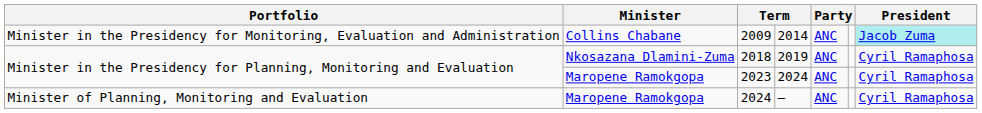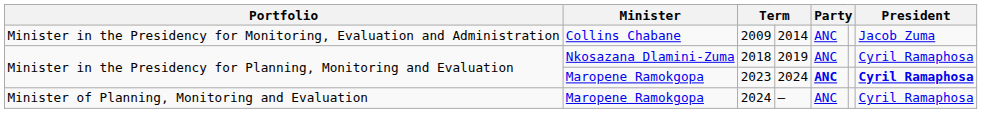 <table class="wikitable">
 <tr>
 <th>Portfolio</th>
 <th>Minister</th>
 <th colspan="2">Term</th>
 <th colspan="2">Party</th>
 <th>President</th>
 </tr>
 <tr>
 <td>Minister in the Presidency for Monitoring, Evaluation and Administration</td>
 <td><a href='#'>Collins Chabane</a></td>
 <td>2009</td>
 <td>2014</td>
 <td><a href='#'>ANC</a></td>
 <td style="background-color: "></td>
-<td style="background: paleturquoise;"><a href='#'>Jacob Zuma</a></td>
+<td><a href='#'>Jacob Zuma</a></td>
 </tr>
 <tr>
 <td rowspan="2">Minister in the Presidency for Planning, Monitoring and Evaluation</td>
 <td><a href='#'>Nkosazana Dlamini-Zuma</a></td>
 <td>2018</td>
 <td>2019</td>
 <td><a href='#'>ANC</a></td>
 <td style="background-color: "></td>
 <td><a href='#'>Cyril Ramaphosa</a></td>
 </tr>
 <tr>
 <td><a href='#'>Maropene Ramokgopa</a></td>
 <td>2023</td>
 <td>2024</td>
-<td><a href='#'>ANC</a></td>
+<td><strong><a href='#'>ANC</a></strong></td>
 <td style="background-color: "></td>
-<td><a href='#'>Cyril Ramaphosa</a></td>
+<td><strong><a href='#'>Cyril Ramaphosa</a></strong></td>
 </tr>
 <tr>
 <td>Minister of Planning, Monitoring and Evaluation</td>
 <td><a href='#'>Maropene Ramokgopa</a></td>
 <td>2024</td>
 <td>–</td>
 <td><a href='#'>ANC</a></td>
 <td style="background-color: "></td>
 <td><a href='#'>Cyril Ramaphosa</a></td>
 </tr>
 </table>
